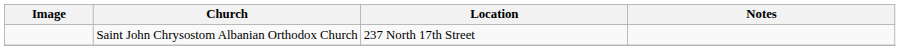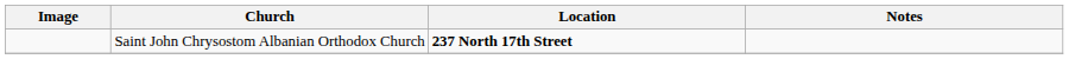 <table class="wikitable">
 <tr>
 <th width="10%">Image</th>
 <th width="30%">Church</th>
 <th width="30%">Location</th>
 <th width="30%">Notes</th>
 </tr>
 <tr>
 <td></td>
 <td>Saint John Chrysostom Albanian Orthodox Church</td>
-<td>237 North 17th Street</td>
+<td><strong>237 North 17th Street</strong></td>
 <td></td>
 </tr>
 <tr>
 </tr>
 </table>
